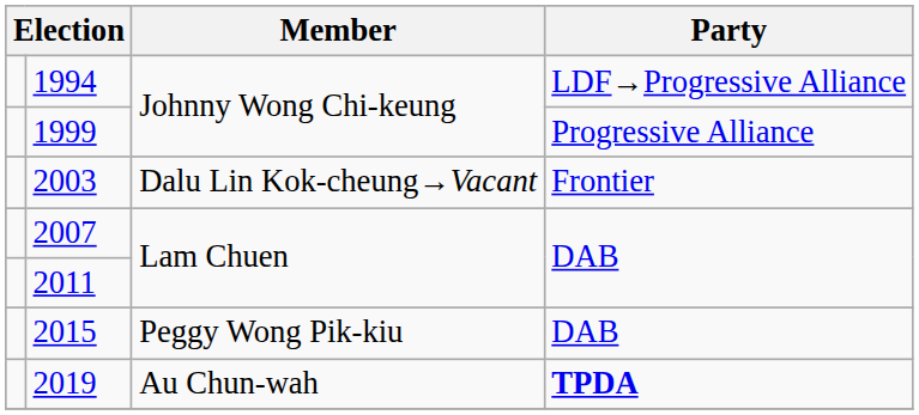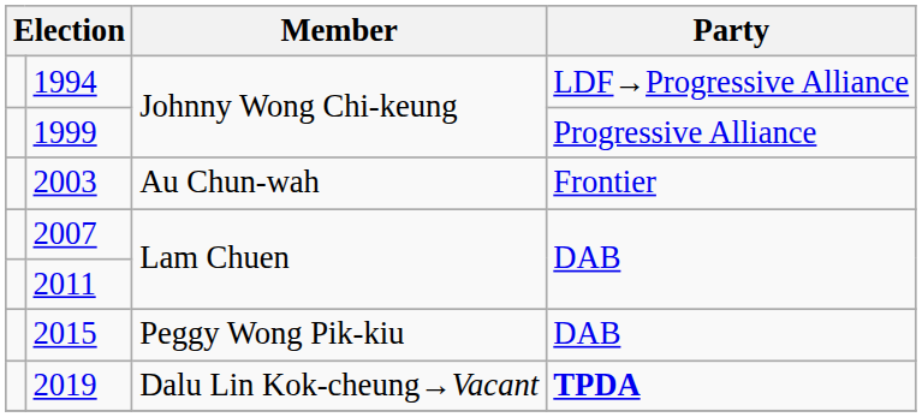 <table class="wikitable">
 <tr>
 <th colspan="2">Election</th>
 <th>Member</th>
 <th>Party</th>
 </tr>
 <tr>
 <td style="color:inherit;background:"></td>
 <td><a href='#'>1994</a></td>
 <td rowspan=2>Johnny Wong Chi-keung</td>
 <td><a href='#'>LDF</a>→<a href='#'>Progressive Alliance</a></td>
 </tr>
 <tr>
 <td style="color:inherit;background:"></td>
 <td><a href='#'>1999</a></td>
 <td><a href='#'>Progressive Alliance</a></td>
 </tr>
 <tr>
 <td style="color:inherit;background:"></td>
 <td><a href='#'>2003</a></td>
-<td>Dalu Lin Kok-cheung→<em>Vacant</em></td>
+<td>Au Chun-wah</td>
 <td><a href='#'>Frontier</a></td>
 </tr>
 <tr>
 <td style="color:inherit;background:"></td>
 <td><a href='#'>2007</a></td>
 <td rowspan=2>Lam Chuen</td>
 <td rowspan=2><a href='#'>DAB</a></td>
 </tr>
 <tr>
 <td style="color:inherit;background:"></td>
 <td><a href='#'>2011</a></td>
 </tr>
 <tr>
 <td style="color:inherit;background:"></td>
 <td><a href='#'>2015</a></td>
 <td>Peggy Wong Pik-kiu</td>
 <td><a href='#'>DAB</a></td>
 </tr>
 <tr>
 <td style="color:inherit;background:"></td>
 <td><a href='#'>2019</a></td>
-<td>Au Chun-wah</td>
+<td>Dalu Lin Kok-cheung→<em>Vacant</em></td>
 <td><strong><a href='#'>TPDA</a></strong></td>
 </tr>
 <tr>
 </tr>
 </table>
